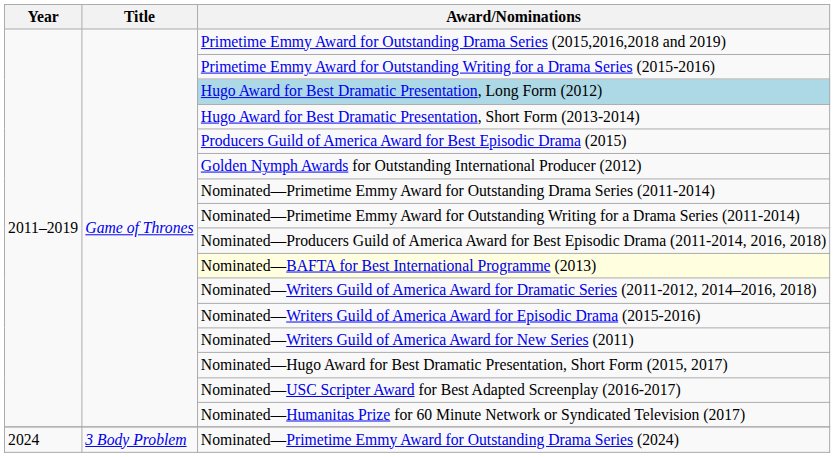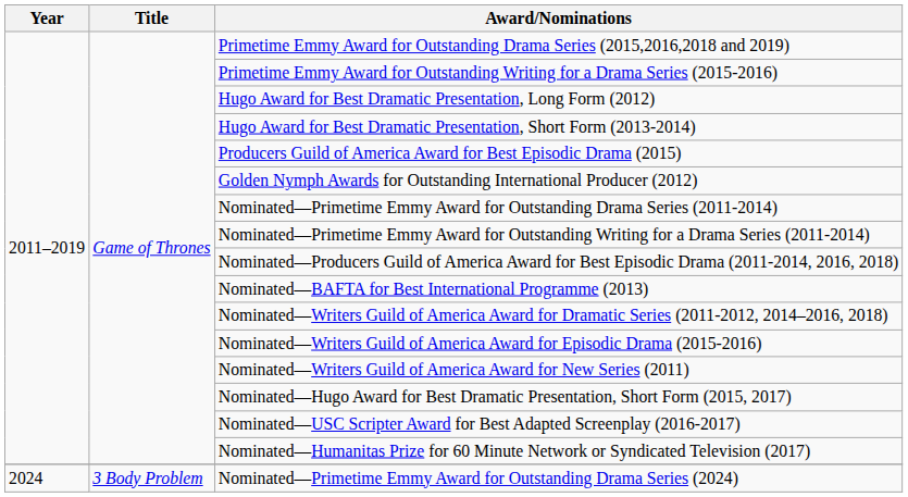 <table class="wikitable">
 <tr>
 <th>Year</th>
 <th>Title</th>
 <th>Award/Nominations</th>
 </tr>
 <tr>
 <td rowspan="16">2011–2019</td>
 <td rowspan="16"><em><a href='#'>Game of Thrones</a></em></td>
 <td><a href='#'>Primetime Emmy Award for Outstanding Drama Series</a> (2015,2016,2018 and 2019)</td>
 </tr>
 <tr>
 <td><a href='#'>Primetime Emmy Award for Outstanding Writing for a Drama Series</a> (2015-2016)</td>
 </tr>
 <tr>
-<td style="background: lightblue;"><a href='#'>Hugo Award for Best Dramatic Presentation</a>, Long Form (2012)</td>
+<td><a href='#'>Hugo Award for Best Dramatic Presentation</a>, Long Form (2012)</td>
 </tr>
 <tr>
 <td><a href='#'>Hugo Award for Best Dramatic Presentation</a>, Short Form (2013-2014)</td>
 </tr>
 <tr>
 <td><a href='#'>Producers Guild of America Award for Best Episodic Drama</a> (2015)</td>
 </tr>
 <tr>
 <td><a href='#'>Golden Nymph Awards</a> for Outstanding International Producer (2012)</td>
 </tr>
 <tr>
 <td>Nominated—Primetime Emmy Award for Outstanding Drama Series (2011-2014)</td>
 </tr>
 <tr>
 <td>Nominated—Primetime Emmy Award for Outstanding Writing for a Drama Series (2011-2014)</td>
 </tr>
 <tr>
 <td>Nominated—Producers Guild of America Award for Best Episodic Drama (2011-2014, 2016, 2018)</td>
 </tr>
 <tr>
-<td style="background: lightyellow;">Nominated—<a href='#'>BAFTA for Best International Programme</a> (2013)</td>
+<td>Nominated—<a href='#'>BAFTA for Best International Programme</a> (2013)</td>
 </tr>
 <tr>
 <td>Nominated—<a href='#'>Writers Guild of America Award for Dramatic Series</a> (2011-2012, 2014–2016, 2018)</td>
 </tr>
 <tr>
 <td>Nominated—<a href='#'>Writers Guild of America Award for Episodic Drama</a> (2015-2016)</td>
 </tr>
 <tr>
 <td>Nominated—<a href='#'>Writers Guild of America Award for New Series</a> (2011)</td>
 </tr>
 <tr>
 <td>Nominated—Hugo Award for Best Dramatic Presentation, Short Form (2015, 2017)</td>
 </tr>
 <tr>
 <td>Nominated—<a href='#'>USC Scripter Award</a> for Best Adapted Screenplay (2016-2017)</td>
 </tr>
 <tr>
 <td>Nominated—<a href='#'>Humanitas Prize</a> for 60 Minute Network or Syndicated Television (2017)</td>
 </tr>
 <tr>
 </tr>
 <tr>
 <td rowspan="16">2024</td>
 <td rowspan="16"><em><a href='#'>3 Body Problem</a></em></td>
 <td>Nominated—<a href='#'>Primetime Emmy Award for Outstanding Drama Series</a> (2024)</td>
 </tr>
 </table>
